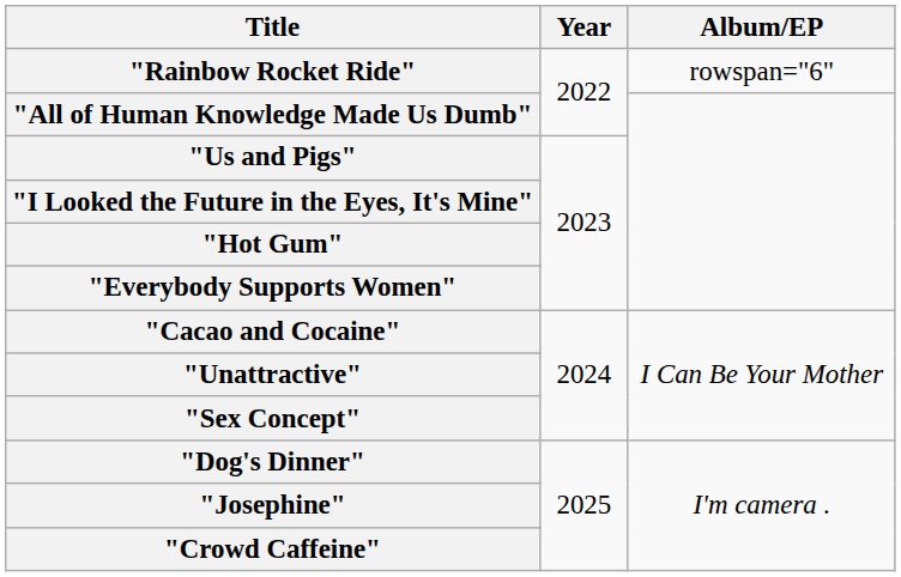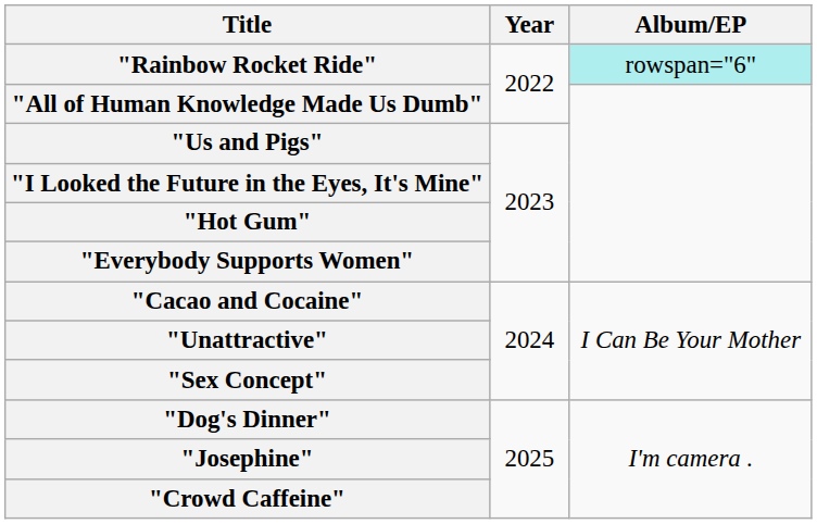 <table class="wikitable plainrowheaders" style="text-align:center">
 <tr>
 <th scope="col" style="width: 60%;">Title</th>
 <th scope="col" style="width: 10%;">Year</th>
 <th scope="col" style="width: 30%;">Album/EP</th>
 </tr>
 <tr>
 <th scope="row">"Rainbow Rocket Ride"</th>
 <td rowspan="2">2022</td>
-<td>rowspan="6" </td>
+<td style="background: paleturquoise;">rowspan="6" </td>
 </tr>
 <tr>
 <th scope="row">"All of Human Knowledge Made Us Dumb"</th>
 </tr>
 <tr>
 <th scope="row">"Us and Pigs"</th>
 <td rowspan="4">2023</td>
 </tr>
 <tr>
 <th scope="row">"I Looked the Future in the Eyes, It's Mine"</th>
 </tr>
 <tr>
 <th scope="row">"Hot Gum"</th>
 </tr>
 <tr>
 <th scope="row">"Everybody Supports Women"</th>
 </tr>
 <tr>
 <th scope="row">"Cacao and Cocaine"</th>
 <td rowspan="3">2024</td>
 <td rowspan="3"><em>I Can Be Your Mother</em></td>
 </tr>
 <tr>
 <th scope="row">"Unattractive"</th>
 </tr>
 <tr>
 <th scope="row">"Sex Concept"</th>
 </tr>
 <tr>
 <th scope="row">"Dog's Dinner"</th>
 <td rowspan="3">2025</td>
 <td rowspan="3"><em>I'm camera .</em></td>
 </tr>
 <tr>
 <th scope="row">"Josephine"</th>
 </tr>
 <tr>
 <th scope="row">"Crowd Caffeine"</th>
 </tr>
 </table>
